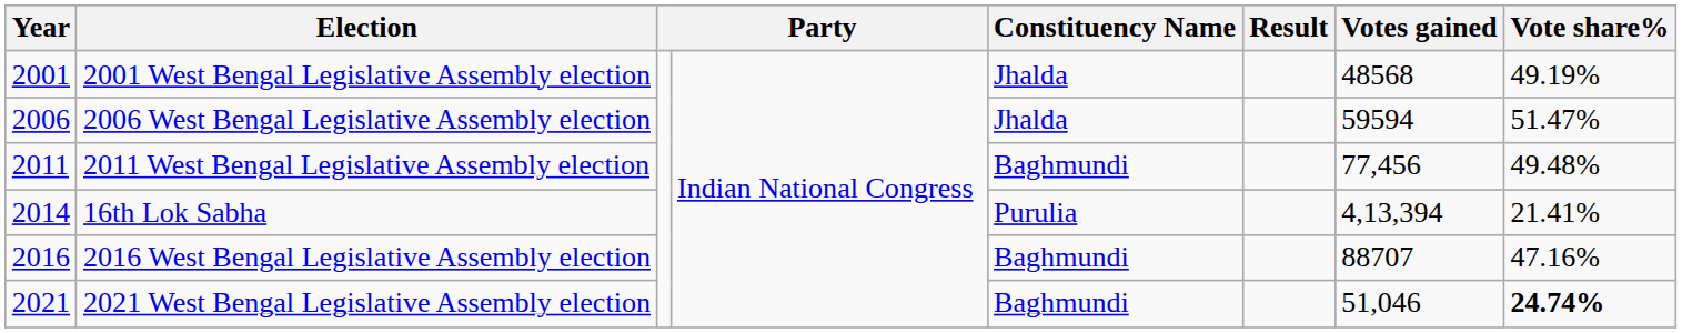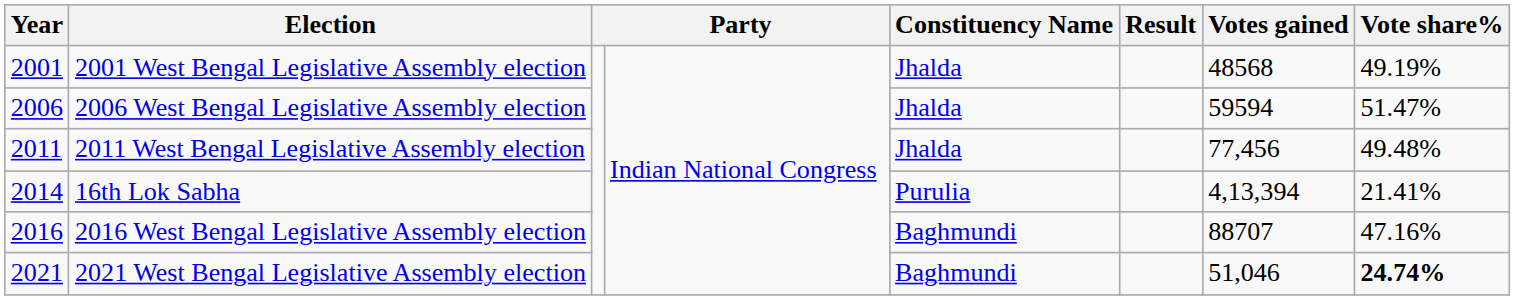 <table class="wikitable">
 <tr>
 <th>Year</th>
 <th>Election</th>
 <th colspan="2">Party</th>
 <th>Constituency Name</th>
 <th>Result</th>
 <th>Votes gained</th>
 <th>Vote share%</th>
 </tr>
 <tr>
 <td><a href='#'>2001</a></td>
 <td><a href='#'>2001 West Bengal Legislative Assembly election</a></td>
 <td rowspan="6" style="background-color: "></td>
 <td rowspan="6"><a href='#'>Indian National Congress</a> </td>
 <td><a href='#'>Jhalda</a></td>
 <td></td>
 <td>48568</td>
 <td>49.19%</td>
 </tr>
 <tr>
 <td><a href='#'>2006</a></td>
 <td><a href='#'>2006 West Bengal Legislative Assembly election</a></td>
 <td><a href='#'>Jhalda</a></td>
 <td></td>
 <td>59594</td>
 <td>51.47%</td>
 </tr>
 <tr>
 <td><a href='#'>2011</a></td>
 <td><a href='#'>2011 West Bengal Legislative Assembly election</a></td>
-<td><a href='#'>Baghmundi</a></td>
+<td><a href='#'>Jhalda</a></td>
 <td></td>
 <td>77,456</td>
 <td>49.48%</td>
 </tr>
 <tr>
 <td><a href='#'>2014</a></td>
 <td><a href='#'>16th Lok Sabha</a></td>
 <td><a href='#'>Purulia</a></td>
 <td></td>
 <td>4,13,394</td>
 <td>21.41%</td>
 </tr>
 <tr>
 <td><a href='#'>2016</a></td>
 <td><a href='#'>2016 West Bengal Legislative Assembly election</a></td>
 <td><a href='#'>Baghmundi</a></td>
 <td></td>
 <td>88707</td>
 <td>47.16%</td>
 </tr>
 <tr>
 <td><a href='#'>2021</a></td>
 <td><a href='#'>2021 West Bengal Legislative Assembly election</a></td>
 <td><a href='#'>Baghmundi</a></td>
 <td></td>
 <td>51,046</td>
 <td><strong>24.74%</strong></td>
 </tr>
 </table>
